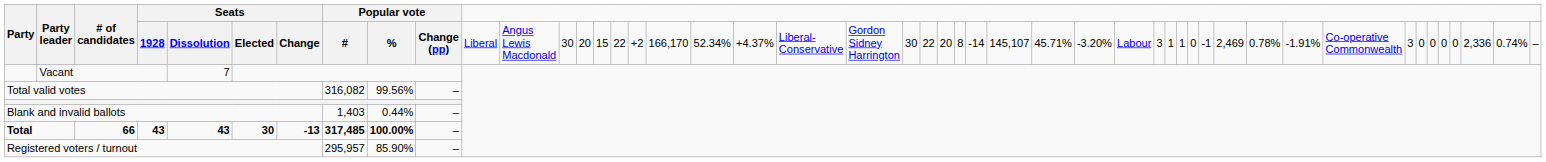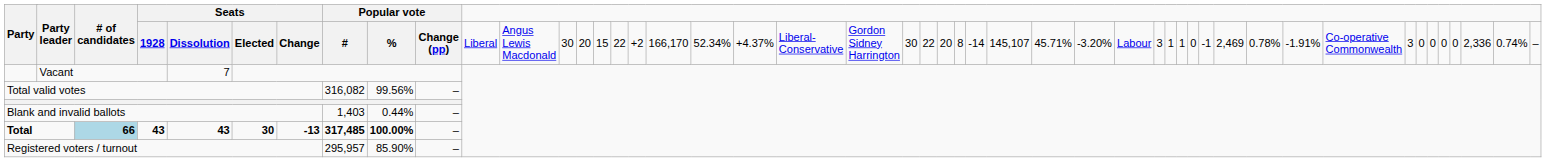 <table class="wikitable">
 <tr>
 <th rowspan="2" colspan="2">Party</th>
 <th rowspan="2">Party leader</th>
 <th rowspan="2"># of<br>candidates</th>
 <th colspan="4">Seats</th>
 <th colspan="3">Popular vote</th>
 </tr>
 <tr>
 <th><a href='#'>1928</a></th>
 <th><span><a href='#'>Dissolution</a></span></th>
 <th>Elected</th>
 <th>Change</th>
 <th>#</th>
 <th>%</th>
 <th>Change (<a href='#'>pp</a>)<br></th>
 <td><a href='#'>Liberal</a></td>
 <td><a href='#'>Angus Lewis Macdonald</a></td>
 <td align="right">30</td>
 <td align="right">20</td>
 <td align="right">15</td>
 <td align="right">22</td>
 <td align="right">+2</td>
 <td align="right">166,170</td>
 <td align="right">52.34%</td>
 <td align="right">+4.37%<br></td>
 <td><a href='#'>Liberal-Conservative</a></td>
 <td><a href='#'>Gordon Sidney Harrington</a></td>
 <td align="right">30</td>
 <td align="right">22</td>
 <td align="right">20</td>
 <td align="right">8</td>
 <td align="right">-14</td>
 <td align="right">145,107</td>
 <td align="right">45.71%</td>
 <td align="right">-3.20%<br></td>
 <td colspan=2><a href='#'>Labour</a></td>
 <td align="right">3</td>
 <td align="right">1</td>
 <td align="right">1</td>
 <td align="right">0</td>
 <td align="right">-1</td>
 <td align="right">2,469</td>
 <td align="right">0.78%</td>
 <td align="right">-1.91%<br></td>
 <td colspan=2><a href='#'>Co-operative Commonwealth</a></td>
 <td align="right">3</td>
 <td align="right">0</td>
 <td align="right">0</td>
 <td align="right">0</td>
 <td align="right">0</td>
 <td align="right">2,336</td>
 <td align="right">0.74%</td>
 <td align="right">–</td>
 </tr>
 <tr>
 <td> </td>
 <td colspan=4>Vacant</td>
 <td align="right">7</td>
 <td colspan=5> </td>
 </tr>
 <tr>
 <td colspan="8">Total valid votes</td>
 <td align="right">316,082</td>
 <td align="right">99.56%</td>
 <td align="right">–</td>
 </tr>
 <tr>
 <th colspan="11"></th>
 </tr>
 <tr>
 <td colspan="8">Blank and invalid ballots</td>
 <td align="right">1,403</td>
 <td align="right">0.44%</td>
 <td align="right">–</td>
 </tr>
 <tr>
 <td colspan=3><strong>Total</strong></td>
-<td align="right"><strong>66</strong></td>
+<td align="right" style="background: lightblue;"><strong>66</strong></td>
 <td align="right"><strong>43</strong></td>
 <td align="right"><strong>43</strong></td>
 <td align="right"><strong>30</strong></td>
 <td align="right"><strong>-13</strong></td>
 <td align="right"><strong>317,485</strong></td>
 <td align="right"><strong>100.00%</strong></td>
 <td align="right">–</td>
 </tr>
 <tr>
 <td colspan="8">Registered voters / turnout</td>
 <td align="right">295,957</td>
 <td align="right">85.90%</td>
 <td align="right">–</td>
 </tr>
 </table>
